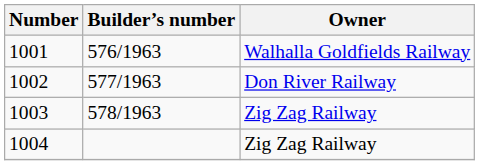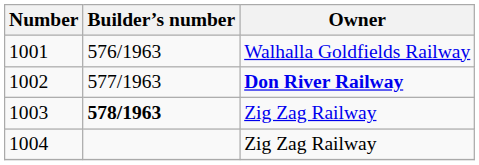 <table class="wikitable sortable">
 <tr>
 <th>Number</th>
 <th>Builder’s number</th>
 <th>Owner</th>
 </tr>
 <tr>
 <td>1001</td>
 <td>576/1963</td>
 <td><a href='#'>Walhalla Goldfields Railway</a></td>
 </tr>
 <tr>
 <td>1002</td>
 <td>577/1963</td>
-<td><a href='#'>Don River Railway</a></td>
+<td><strong><a href='#'>Don River Railway</a></strong></td>
 </tr>
 <tr>
 <td>1003</td>
-<td>578/1963</td>
+<td><strong>578/1963</strong></td>
 <td><a href='#'>Zig Zag Railway</a></td>
 </tr>
 <tr>
 <td>1004</td>
 <td></td>
 <td>Zig Zag Railway</td>
 </tr>
 <tr>
 </tr>
 </table>
